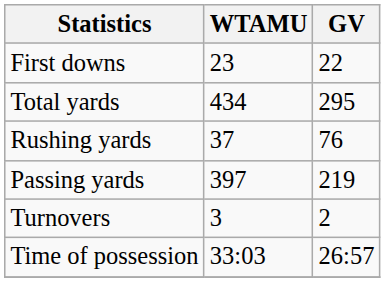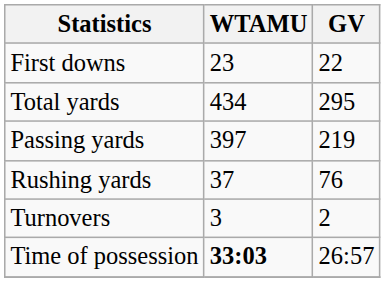 <table class="wikitable">
 <tr>
 <th>Statistics</th>
 <th>WTAMU</th>
 <th>GV</th>
 </tr>
 <tr>
 <td>First downs</td>
 <td>23</td>
 <td>22</td>
 </tr>
 <tr>
 <td>Total yards</td>
 <td>434</td>
 <td>295</td>
 </tr>
 <tr>
+<td>Passing yards</td>
+<td>397</td>
+<td>219</td>
+</tr>
+<tr>
 <td>Rushing yards</td>
 <td>37</td>
 <td>76</td>
-</tr>
-<tr>
-<td>Passing yards</td>
-<td>397</td>
-<td>219</td>
 </tr>
 <tr>
 <td>Turnovers</td>
 <td>3</td>
 <td>2</td>
 </tr>
 <tr>
 <td>Time of possession</td>
-<td>33:03</td>
+<td><strong>33:03</strong></td>
 <td>26:57</td>
 </tr>
 <tr>
 </tr>
 </table>
